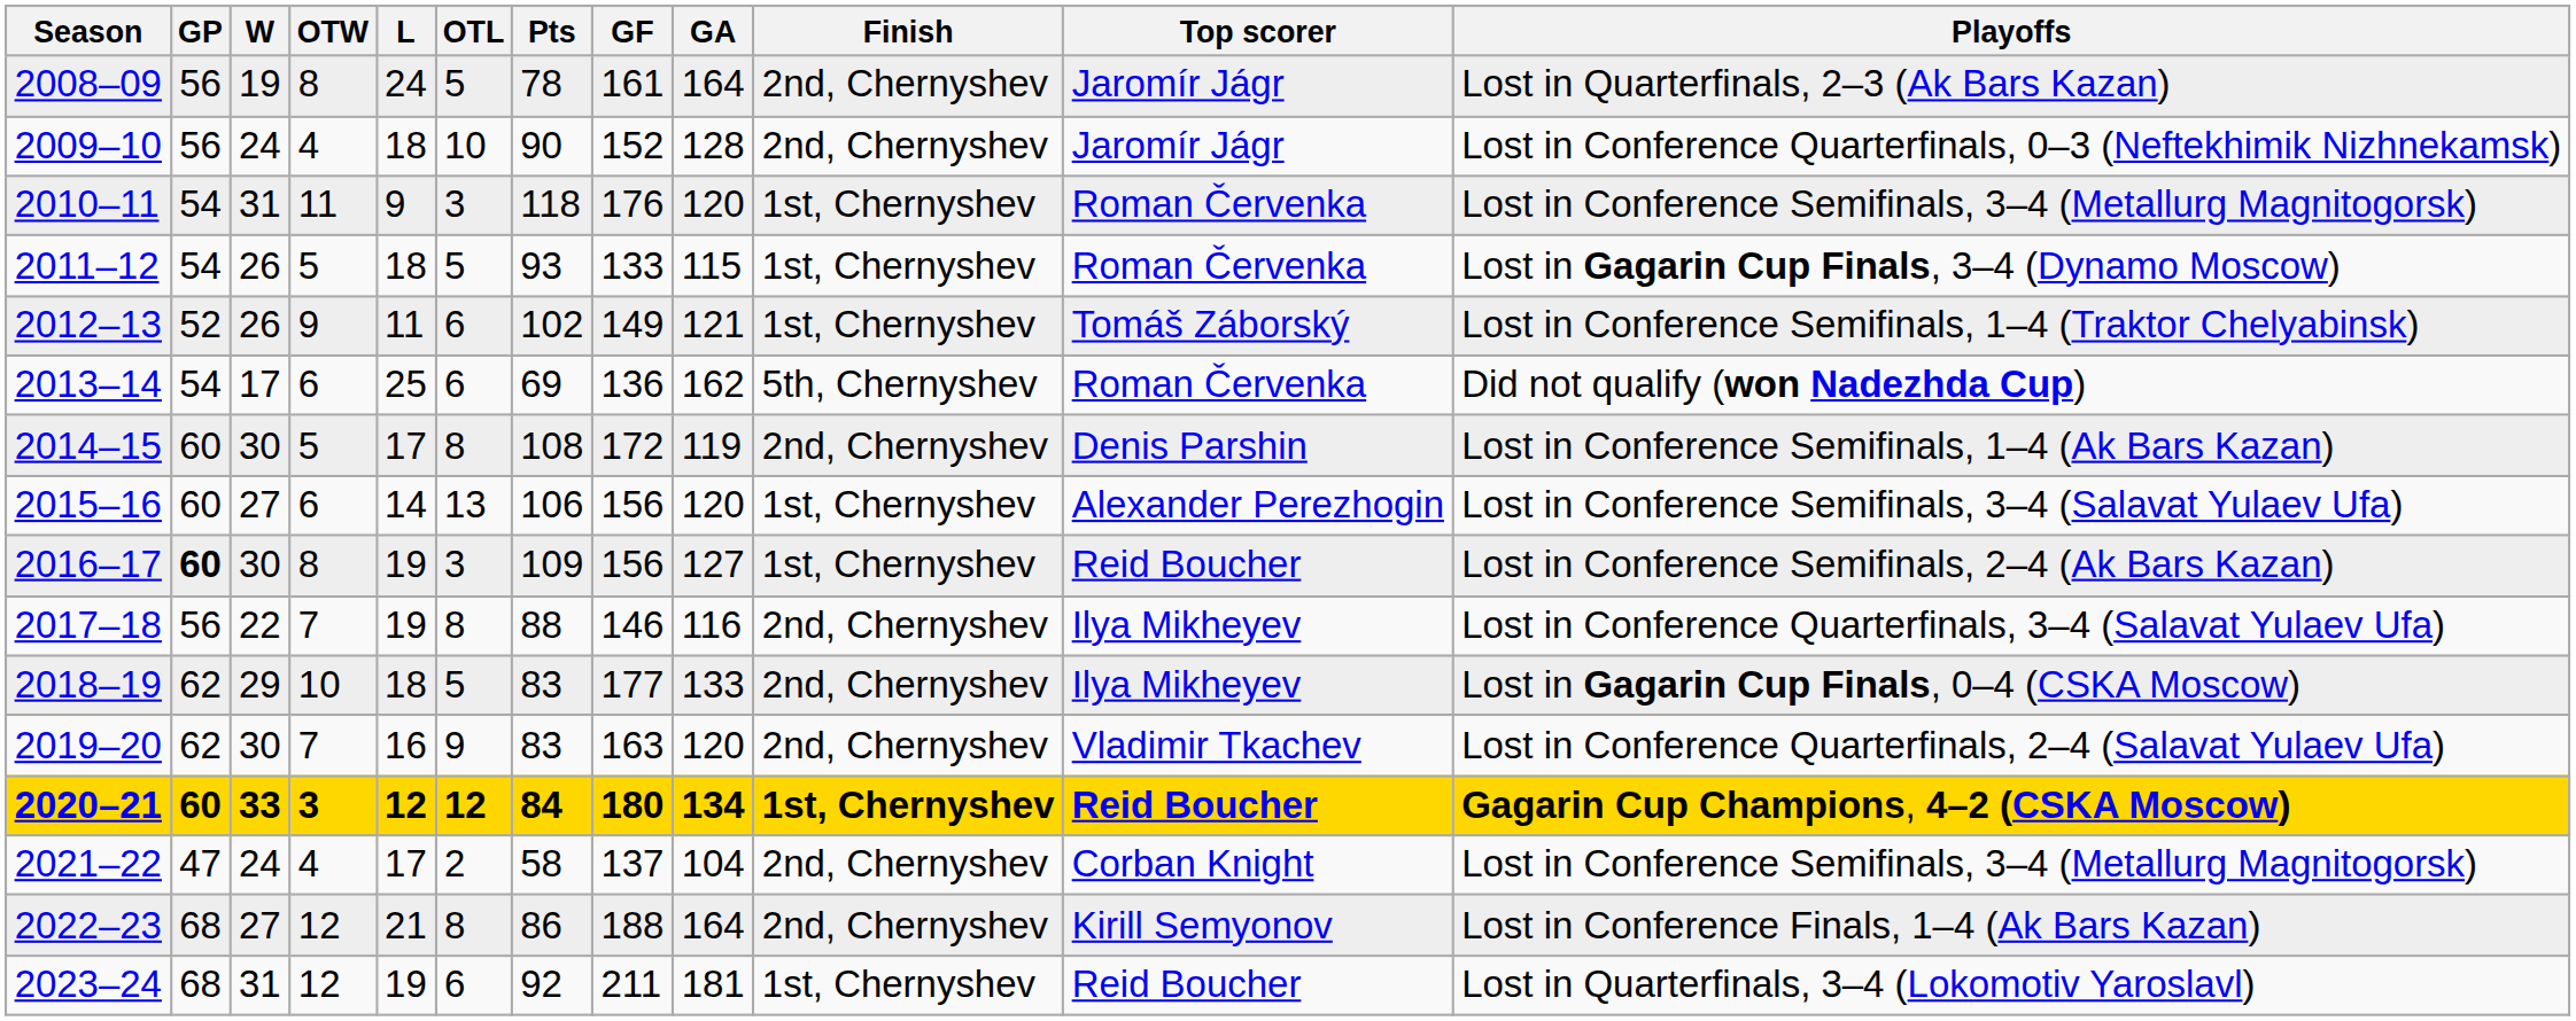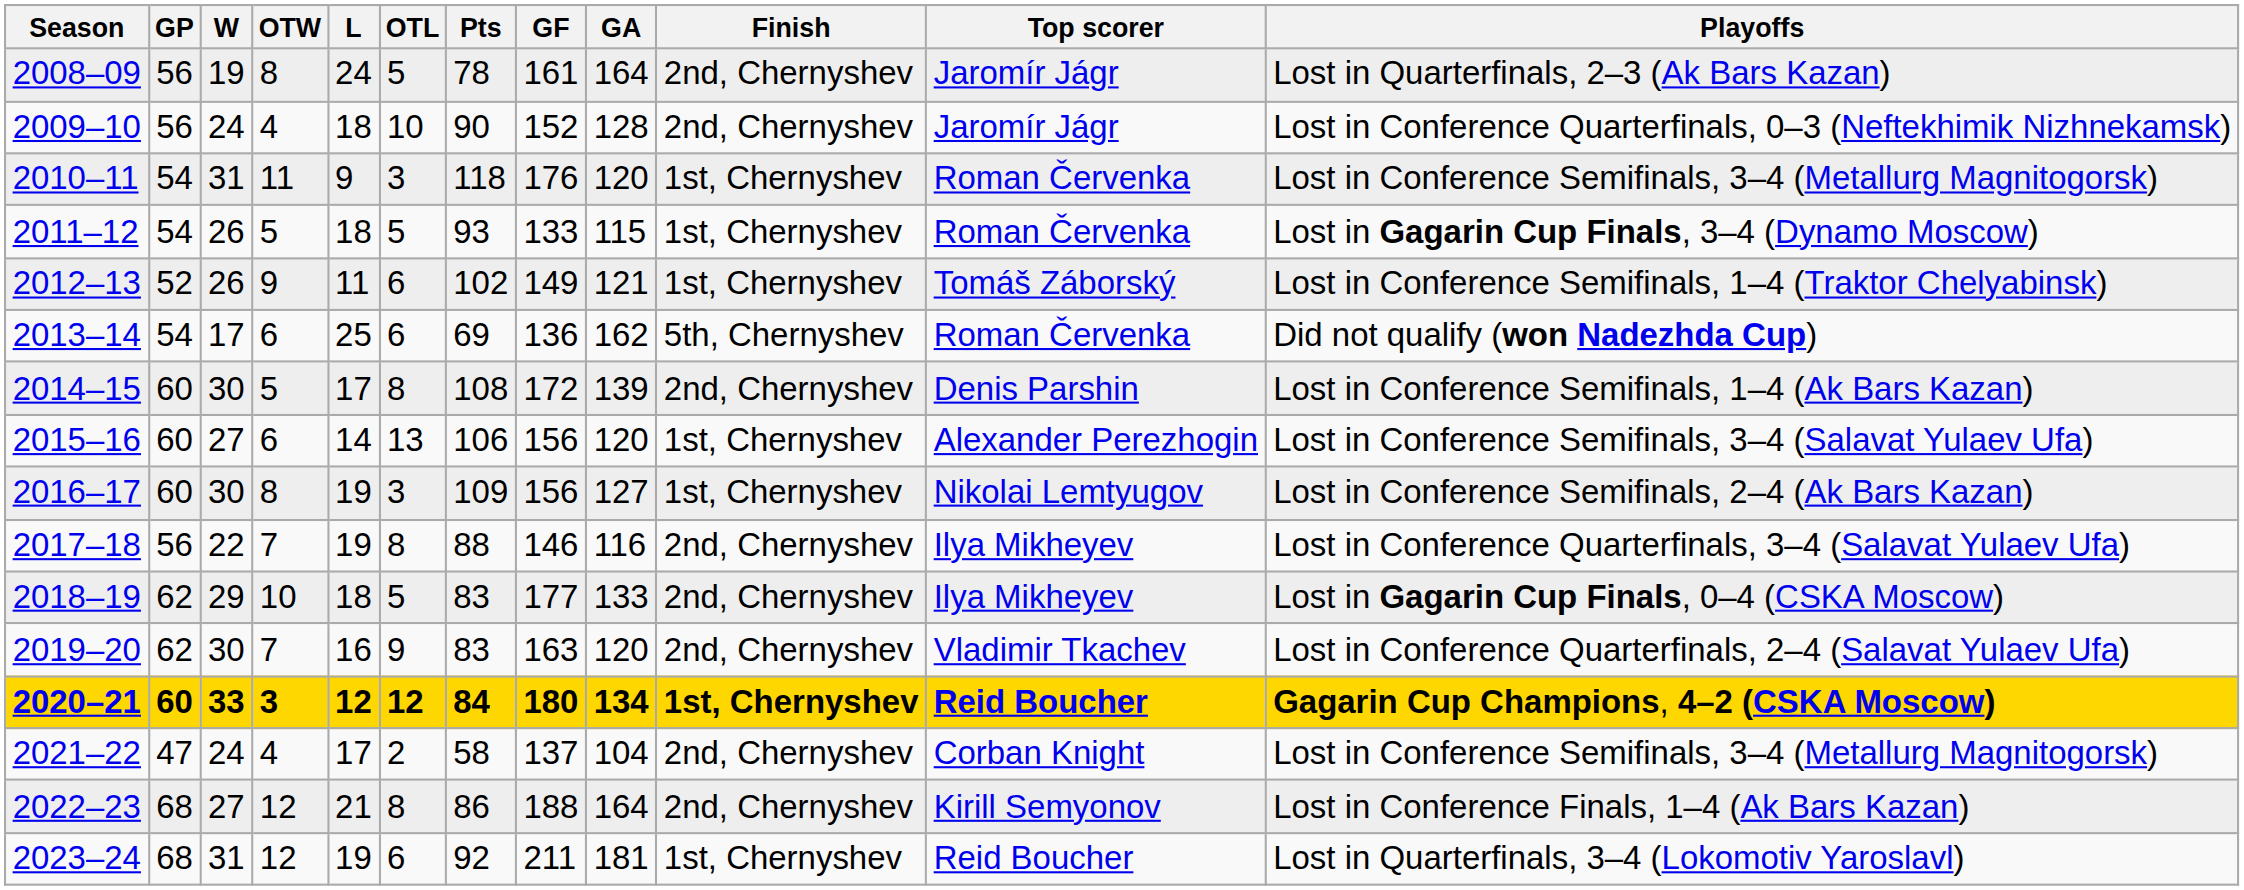 <table class="wikitable">
 <tr style="text-align:center; font-size:small; background:#ddd; padding:5px;"|>
 <th>Season</th>
 <th>GP</th>
 <th>W</th>
 <th>OTW</th>
 <th>L</th>
 <th>OTL</th>
 <th>Pts</th>
 <th>GF</th>
 <th>GA</th>
 <th>Finish</th>
 <th>Top scorer</th>
 <th>Playoffs</th>
 </tr>
 <tr style="background:#eee;">
 <td><a href='#'>2008–09</a></td>
 <td>56</td>
 <td>19</td>
 <td>8</td>
 <td>24</td>
 <td>5</td>
 <td>78</td>
 <td>161</td>
 <td>164</td>
 <td>2nd, Chernyshev</td>
 <td><a href='#'>Jaromír Jágr</a> </td>
 <td>Lost in Quarterfinals, 2–3 (<a href='#'>Ak Bars Kazan</a>)</td>
 </tr>
 <tr>
 <td><a href='#'>2009–10</a></td>
 <td>56</td>
 <td>24</td>
 <td>4</td>
 <td>18</td>
 <td>10</td>
 <td>90</td>
 <td>152</td>
 <td>128</td>
 <td>2nd, Chernyshev</td>
 <td><a href='#'>Jaromír Jágr</a> </td>
 <td>Lost in Conference Quarterfinals, 0–3 (<a href='#'>Neftekhimik Nizhnekamsk</a>)</td>
 </tr>
 <tr style="background:#eee;">
 <td><a href='#'>2010–11</a></td>
 <td>54</td>
 <td>31</td>
 <td>11</td>
 <td>9</td>
 <td>3</td>
 <td>118</td>
 <td>176</td>
 <td>120</td>
 <td>1st, Chernyshev</td>
 <td><a href='#'>Roman Červenka</a> </td>
 <td>Lost in Conference Semifinals, 3–4 (<a href='#'>Metallurg Magnitogorsk</a>)</td>
 </tr>
 <tr>
 <td><a href='#'>2011–12</a></td>
 <td>54</td>
 <td>26</td>
 <td>5</td>
 <td>18</td>
 <td>5</td>
 <td>93</td>
 <td>133</td>
 <td>115</td>
 <td>1st, Chernyshev</td>
 <td><a href='#'>Roman Červenka</a> </td>
 <td>Lost in <strong>Gagarin Cup Finals</strong>, 3–4 (<a href='#'>Dynamo Moscow</a>)</td>
 </tr>
 <tr style="background:#eee;">
 <td><a href='#'>2012–13</a></td>
 <td>52</td>
 <td>26</td>
 <td>9</td>
 <td>11</td>
 <td>6</td>
 <td>102</td>
 <td>149</td>
 <td>121</td>
 <td>1st, Chernyshev</td>
 <td><a href='#'>Tomáš Záborský</a> </td>
 <td>Lost in Conference Semifinals, 1–4 (<a href='#'>Traktor Chelyabinsk</a>)</td>
 </tr>
 <tr>
 <td><a href='#'>2013–14</a></td>
 <td>54</td>
 <td>17</td>
 <td>6</td>
 <td>25</td>
 <td>6</td>
 <td>69</td>
 <td>136</td>
 <td>162</td>
 <td>5th, Chernyshev</td>
 <td><a href='#'>Roman Červenka</a> </td>
 <td>Did not qualify (<strong>won <a href='#'>Nadezhda Cup</a></strong>)</td>
 </tr>
 <tr style="background:#eee;">
 <td><a href='#'>2014–15</a></td>
 <td>60</td>
 <td>30</td>
 <td>5</td>
 <td>17</td>
 <td>8</td>
 <td>108</td>
 <td>172</td>
-<td>119</td>
+<td>139</td>
 <td>2nd, Chernyshev</td>
 <td><a href='#'>Denis Parshin</a> </td>
 <td>Lost in Conference Semifinals, 1–4 (<a href='#'>Ak Bars Kazan</a>)</td>
 </tr>
 <tr>
 <td><a href='#'>2015–16</a></td>
 <td>60</td>
 <td>27</td>
 <td>6</td>
 <td>14</td>
 <td>13</td>
 <td>106</td>
 <td>156</td>
 <td>120</td>
 <td>1st, Chernyshev</td>
 <td><a href='#'>Alexander Perezhogin</a> </td>
 <td>Lost in Conference Semifinals, 3–4 (<a href='#'>Salavat Yulaev Ufa</a>)</td>
 </tr>
 <tr style="background:#eee;">
 <td><a href='#'>2016–17</a></td>
-<td><strong>60</strong></td>
+<td>60</td>
 <td>30</td>
 <td>8</td>
 <td>19</td>
 <td>3</td>
 <td>109</td>
 <td>156</td>
 <td>127</td>
 <td>1st, Chernyshev</td>
-<td><a href='#'>Reid Boucher</a> </td>
+<td><a href='#'>Nikolai Lemtyugov</a> </td>
 <td>Lost in Conference Semifinals, 2–4 (<a href='#'>Ak Bars Kazan</a>)</td>
 </tr>
 <tr>
 <td><a href='#'>2017–18</a></td>
 <td>56</td>
 <td>22</td>
 <td>7</td>
 <td>19</td>
 <td>8</td>
 <td>88</td>
 <td>146</td>
 <td>116</td>
 <td>2nd, Chernyshev</td>
 <td><a href='#'>Ilya Mikheyev</a> </td>
 <td>Lost in Conference Quarterfinals, 3–4 (<a href='#'>Salavat Yulaev Ufa</a>)</td>
 </tr>
 <tr style="background:#eee;">
 <td><a href='#'>2018–19</a></td>
 <td>62</td>
 <td>29</td>
 <td>10</td>
 <td>18</td>
 <td>5</td>
 <td>83</td>
 <td>177</td>
 <td>133</td>
 <td>2nd, Chernyshev</td>
 <td><a href='#'>Ilya Mikheyev</a> </td>
 <td>Lost in <strong>Gagarin Cup Finals</strong>, 0–4 (<a href='#'>CSKA Moscow</a>)</td>
 </tr>
 <tr>
 <td><a href='#'>2019–20</a></td>
 <td>62</td>
 <td>30</td>
 <td>7</td>
 <td>16</td>
 <td>9</td>
 <td>83</td>
 <td>163</td>
 <td>120</td>
 <td>2nd, Chernyshev</td>
 <td><a href='#'>Vladimir Tkachev</a> </td>
 <td>Lost in Conference Quarterfinals, 2–4 (<a href='#'>Salavat Yulaev Ufa</a>)</td>
 </tr>
 <tr style="background:gold;">
 <td><strong><a href='#'>2020–21</a></strong></td>
 <td><strong>60</strong></td>
 <td><strong>33</strong></td>
 <td><strong>3</strong></td>
 <td><strong>12</strong></td>
 <td><strong>12</strong></td>
 <td><strong>84</strong></td>
 <td><strong>180</strong></td>
 <td><strong>134</strong></td>
 <td><strong>1st, Chernyshev</strong></td>
 <td><strong><a href='#'>Reid Boucher</a> </strong></td>
 <td><strong>Gagarin Cup Champions</strong>, <strong>4–2</strong> <strong>(<a href='#'>CSKA Moscow</a>)</strong></td>
 </tr>
 <tr>
 <td><a href='#'>2021–22</a></td>
 <td>47</td>
 <td>24</td>
 <td>4</td>
 <td>17</td>
 <td>2</td>
 <td>58</td>
 <td>137</td>
 <td>104</td>
 <td>2nd, Chernyshev</td>
 <td><a href='#'>Corban Knight</a> </td>
 <td>Lost in Conference Semifinals, 3–4 (<a href='#'>Metallurg Magnitogorsk</a>)</td>
 </tr>
 <tr style="background:#eee;">
 <td><a href='#'>2022–23</a></td>
 <td>68</td>
 <td>27</td>
 <td>12</td>
 <td>21</td>
 <td>8</td>
 <td>86</td>
 <td>188</td>
 <td>164</td>
 <td>2nd, Chernyshev</td>
 <td><a href='#'>Kirill Semyonov</a> </td>
 <td>Lost in Conference Finals, 1–4 (<a href='#'>Ak Bars Kazan</a>)</td>
 </tr>
 <tr>
 <td><a href='#'>2023–24</a></td>
 <td>68</td>
 <td>31</td>
 <td>12</td>
 <td>19</td>
 <td>6</td>
 <td>92</td>
 <td>211</td>
 <td>181</td>
 <td>1st, Chernyshev</td>
 <td><a href='#'>Reid Boucher</a> </td>
 <td>Lost in Quarterfinals, 3–4 (<a href='#'>Lokomotiv Yaroslavl</a>)</td>
 </tr>
 </table>
